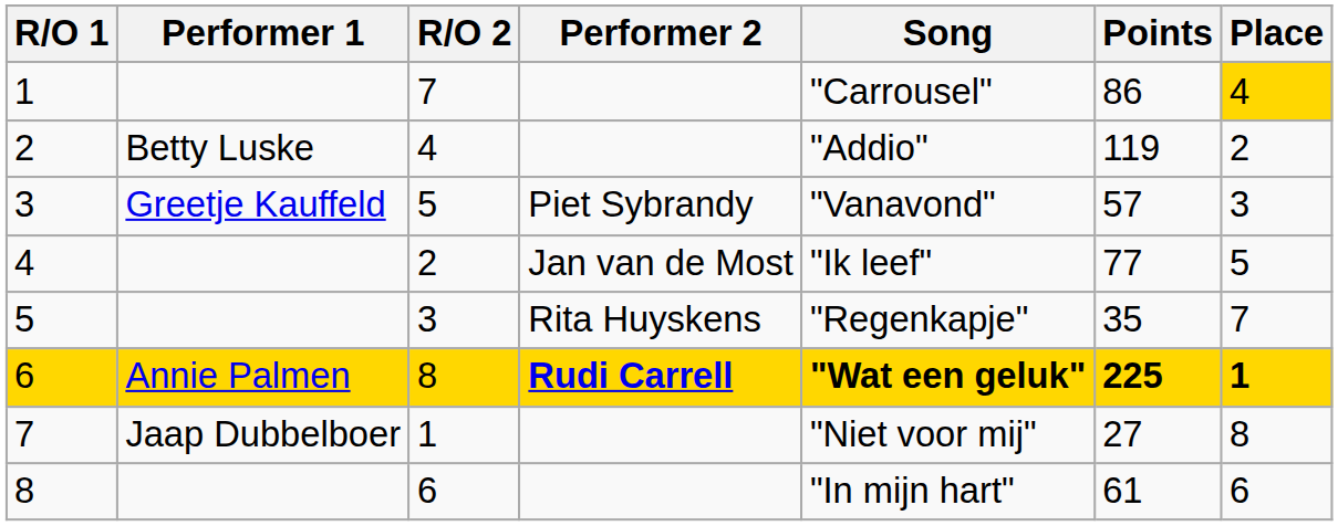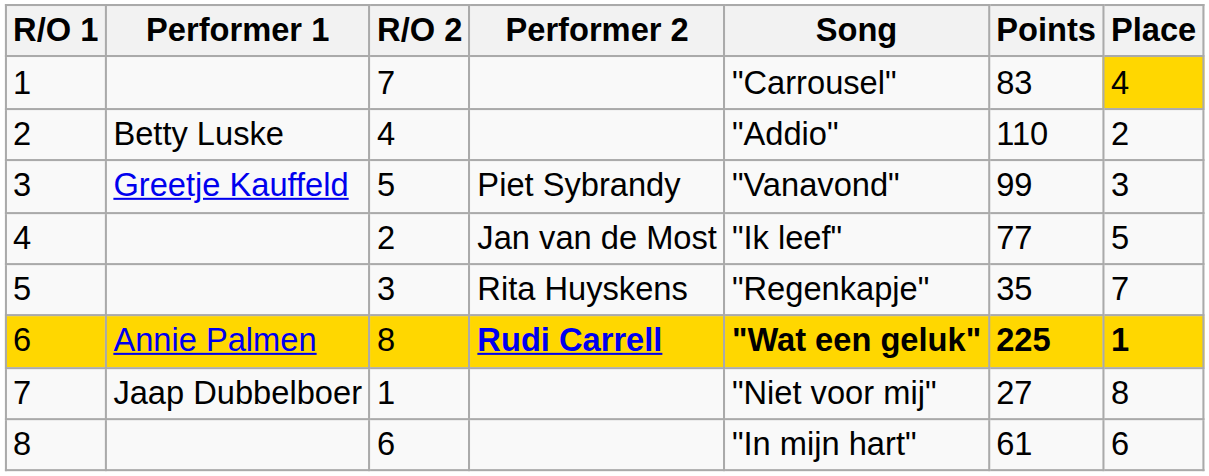 <table class="sortable wikitable" style="margin: 1em auto 1em auto">
 <tr>
 <th>R/O 1</th>
 <th>Performer 1</th>
 <th>R/O 2</th>
 <th>Performer 2</th>
 <th>Song</th>
 <th>Points</th>
 <th>Place</th>
 </tr>
 <tr>
 <td>1</td>
 <td></td>
 <td>7</td>
 <td></td>
 <td>"Carrousel"</td>
-<td>86</td>
+<td>83</td>
 <td style="background: gold;">4</td>
 </tr>
 <tr>
 <td>2</td>
 <td>Betty Luske</td>
 <td>4</td>
 <td></td>
 <td>"Addio"</td>
-<td>119</td>
+<td>110</td>
 <td>2</td>
 </tr>
 <tr>
 <td>3</td>
 <td><a href='#'>Greetje Kauffeld</a></td>
 <td>5</td>
 <td>Piet Sybrandy</td>
 <td>"Vanavond"</td>
-<td>57</td>
+<td>99</td>
 <td>3</td>
 </tr>
 <tr>
 <td>4</td>
 <td></td>
 <td>2</td>
 <td>Jan van de Most</td>
 <td>"Ik leef"</td>
 <td>77</td>
 <td>5</td>
 </tr>
 <tr>
 <td>5</td>
 <td></td>
 <td>3</td>
 <td>Rita Huyskens</td>
 <td>"Regenkapje"</td>
 <td>35</td>
 <td>7</td>
 </tr>
 <tr bgcolor="#FFD700">
 <td>6</td>
 <td><a href='#'>Annie Palmen</a></td>
 <td>8</td>
 <td><strong><a href='#'>Rudi Carrell</a></strong></td>
 <td><strong>"Wat een geluk"</strong></td>
 <td><strong>225</strong></td>
 <td><strong>1</strong></td>
 </tr>
 <tr>
 <td>7</td>
 <td>Jaap Dubbelboer</td>
 <td>1</td>
 <td></td>
 <td>"Niet voor mij"</td>
 <td>27</td>
 <td>8</td>
 </tr>
 <tr>
 <td>8</td>
 <td></td>
 <td>6</td>
 <td></td>
 <td>"In mijn hart"</td>
 <td>61</td>
 <td>6</td>
 </tr>
 </table>
